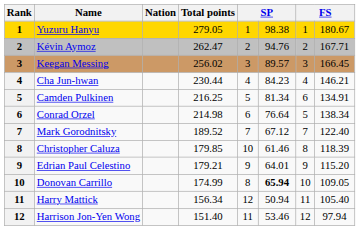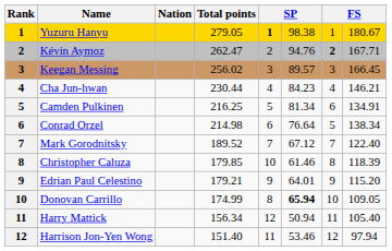 <table class="wikitable sortable">
 <tr>
 <th>Rank</th>
 <th>Name</th>
 <th>Nation</th>
 <th>Total points</th>
 <th colspan="2" width="80px"><a href='#'>SP</a></th>
 <th colspan="2" width="80px"><a href='#'>FS</a></th>
 </tr>
 <tr bgcolor="gold">
 <td align="center"><strong>1</strong></td>
 <td><a href='#'>Yuzuru Hanyu</a></td>
 <td></td>
 <td align="center">279.05</td>
-<td align="center">1</td>
+<td align="center"><strong>1</strong></td>
 <td align="center">98.38</td>
 <td align="center">1</td>
 <td align="center">180.67</td>
 </tr>
 <tr bgcolor="silver">
 <td align="center"><strong>2</strong></td>
 <td><a href='#'>Kévin Aymoz</a></td>
 <td></td>
 <td align="center">262.47</td>
 <td align="center">2</td>
 <td align="center">94.76</td>
-<td align="center">2</td>
+<td align="center"><strong>2</strong></td>
 <td align="center">167.71</td>
 </tr>
 <tr bgcolor="cc9966">
 <td align="center"><strong>3</strong></td>
 <td><a href='#'>Keegan Messing</a></td>
 <td></td>
 <td align="center">256.02</td>
 <td align="center">3</td>
 <td align="center">89.57</td>
 <td align="center">3</td>
 <td align="center">166.45</td>
 </tr>
 <tr>
 <th>4</th>
 <td><a href='#'>Cha Jun-hwan</a></td>
 <td></td>
 <td align="center">230.44</td>
 <td align="center">4</td>
 <td align="center">84.23</td>
 <td align="center">4</td>
 <td align="center">146.21</td>
 </tr>
 <tr>
 <th>5</th>
 <td><a href='#'>Camden Pulkinen</a></td>
 <td></td>
 <td align="center">216.25</td>
 <td align="center">5</td>
 <td align="center">81.34</td>
 <td align="center">6</td>
 <td align="center">134.91</td>
 </tr>
 <tr>
 <th>6</th>
 <td><a href='#'>Conrad Orzel</a></td>
 <td></td>
 <td align="center">214.98</td>
 <td align="center">6</td>
 <td align="center">76.64</td>
 <td align="center">5</td>
 <td align="center">138.34</td>
 </tr>
 <tr>
 <th>7</th>
 <td><a href='#'>Mark Gorodnitsky</a></td>
 <td></td>
 <td align="center">189.52</td>
 <td align="center">7</td>
 <td align="center">67.12</td>
 <td align="center">7</td>
 <td align="center">122.40</td>
 </tr>
 <tr>
 <th>8</th>
 <td><a href='#'>Christopher Caluza</a></td>
 <td></td>
 <td align="center">179.85</td>
 <td align="center">10</td>
 <td align="center">61.46</td>
 <td align="center">8</td>
 <td align="center">118.39</td>
 </tr>
 <tr>
 <th>9</th>
 <td><a href='#'>Edrian Paul Celestino</a></td>
 <td></td>
 <td align="center">179.21</td>
 <td align="center">9</td>
 <td align="center">64.01</td>
 <td align="center">9</td>
 <td align="center">115.20</td>
 </tr>
 <tr>
 <th>10</th>
 <td><a href='#'>Donovan Carrillo</a></td>
 <td></td>
 <td align="center">174.99</td>
 <td align="center">8</td>
 <td align="center"><strong>65.94</strong></td>
 <td align="center">10</td>
 <td align="center">109.05</td>
 </tr>
 <tr>
 <th>11</th>
 <td><a href='#'>Harry Mattick</a></td>
 <td></td>
 <td align="center">156.34</td>
 <td align="center">12</td>
 <td align="center">50.94</td>
 <td align="center">11</td>
 <td align="center">105.40</td>
 </tr>
 <tr>
 <th>12</th>
 <td><a href='#'>Harrison Jon-Yen Wong</a></td>
 <td></td>
 <td align="center">151.40</td>
 <td align="center">11</td>
 <td align="center">53.46</td>
 <td align="center">12</td>
 <td align="center">97.94</td>
 </tr>
 </table>
